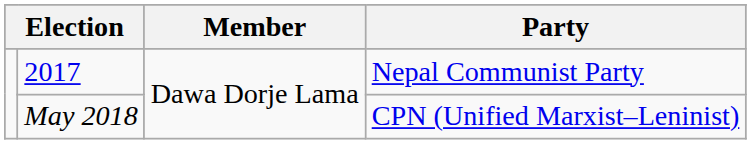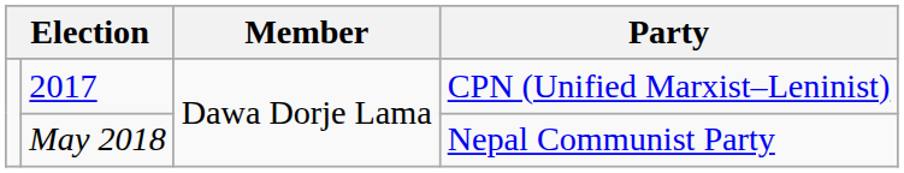 <table class="wikitable">
 <tr>
 <th colspan="2">Election</th>
 <th>Member</th>
 <th>Party</th>
 </tr>
 <tr>
 <td rowspan="2" style="background-color:"></td>
 <td><a href='#'>2017</a></td>
 <td rowspan="2">Dawa Dorje Lama</td>
-<td><a href='#'>Nepal Communist Party</a></td>
+<td><a href='#'>CPN (Unified Marxist–Leninist)</a></td>
 </tr>
 <tr>
 <td><em>May 2018</em></td>
-<td><a href='#'>CPN (Unified Marxist–Leninist)</a></td>
+<td><a href='#'>Nepal Communist Party</a></td>
 </tr>
 </table>
